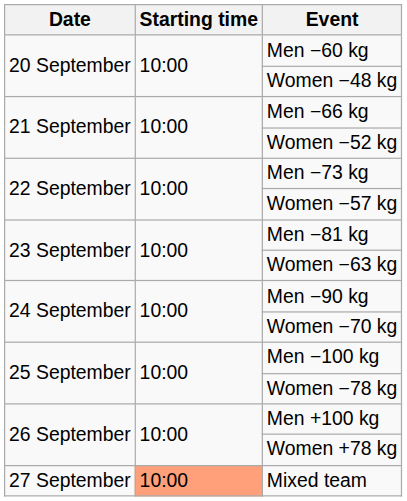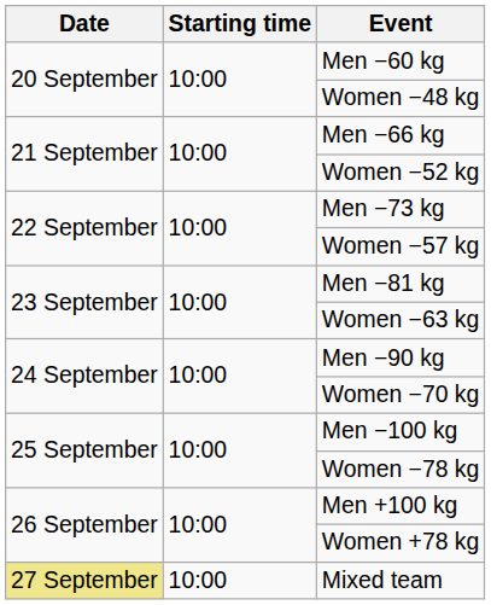 <table class="wikitable">
 <tr>
 <th>Date</th>
 <th>Starting time</th>
 <th>Event</th>
 </tr>
 <tr>
 <td rowspan=2>20 September</td>
 <td rowspan=2>10:00</td>
 <td>Men −60 kg</td>
 </tr>
 <tr>
 <td>Women −48 kg</td>
 </tr>
 <tr>
 <td rowspan=2>21 September</td>
 <td rowspan=2>10:00</td>
 <td>Men −66 kg</td>
 </tr>
 <tr>
 <td>Women −52 kg</td>
 </tr>
 <tr>
 <td rowspan=2>22 September</td>
 <td rowspan=2>10:00</td>
 <td>Men −73 kg</td>
 </tr>
 <tr>
 <td>Women −57 kg</td>
 </tr>
 <tr>
 <td rowspan=2>23 September</td>
 <td rowspan=2>10:00</td>
 <td>Men −81 kg</td>
 </tr>
 <tr>
 <td>Women −63 kg</td>
 </tr>
 <tr>
 <td rowspan=2>24 September</td>
 <td rowspan=2>10:00</td>
 <td>Men −90 kg</td>
 </tr>
 <tr>
 <td>Women −70 kg</td>
 </tr>
 <tr>
 <td rowspan=2>25 September</td>
 <td rowspan=2>10:00</td>
 <td>Men −100 kg</td>
 </tr>
 <tr>
 <td>Women −78 kg</td>
 </tr>
 <tr>
 <td rowspan=2>26 September</td>
 <td rowspan=2>10:00</td>
 <td>Men +100 kg</td>
 </tr>
 <tr>
 <td>Women +78 kg</td>
 </tr>
 <tr>
-<td>27 September</td>
-<td style="background: lightsalmon;">10:00</td>
+<td style="background: khaki;">27 September</td>
+<td>10:00</td>
 <td>Mixed team</td>
 </tr>
 </table>
